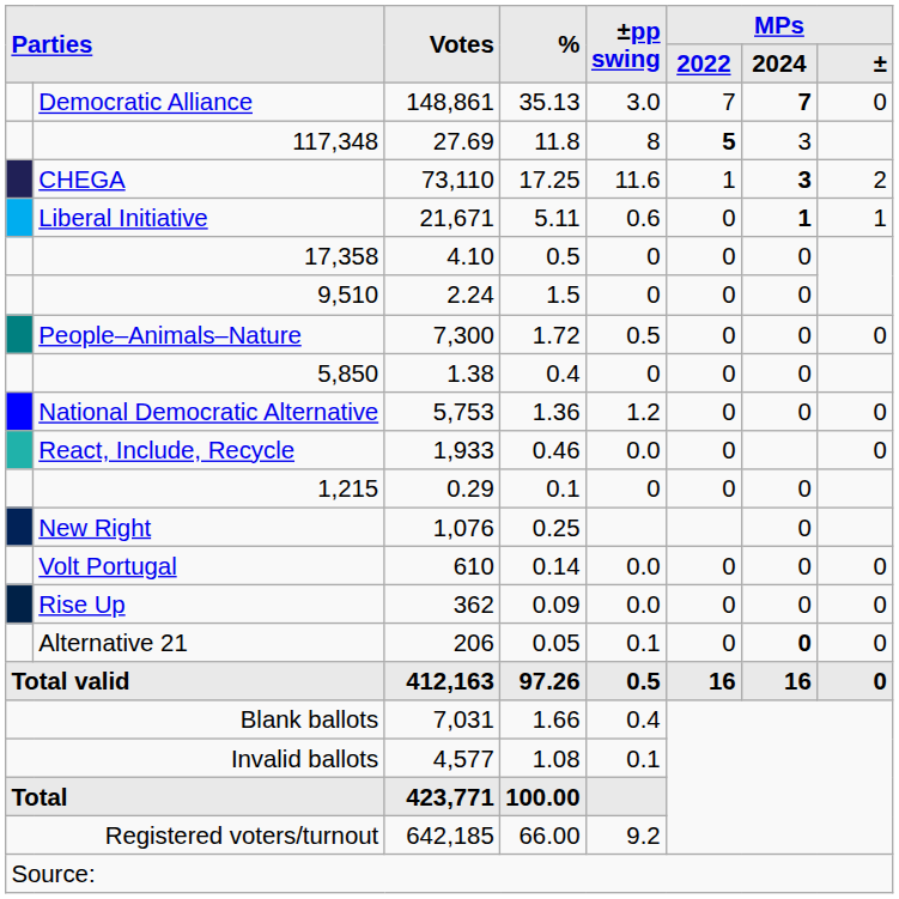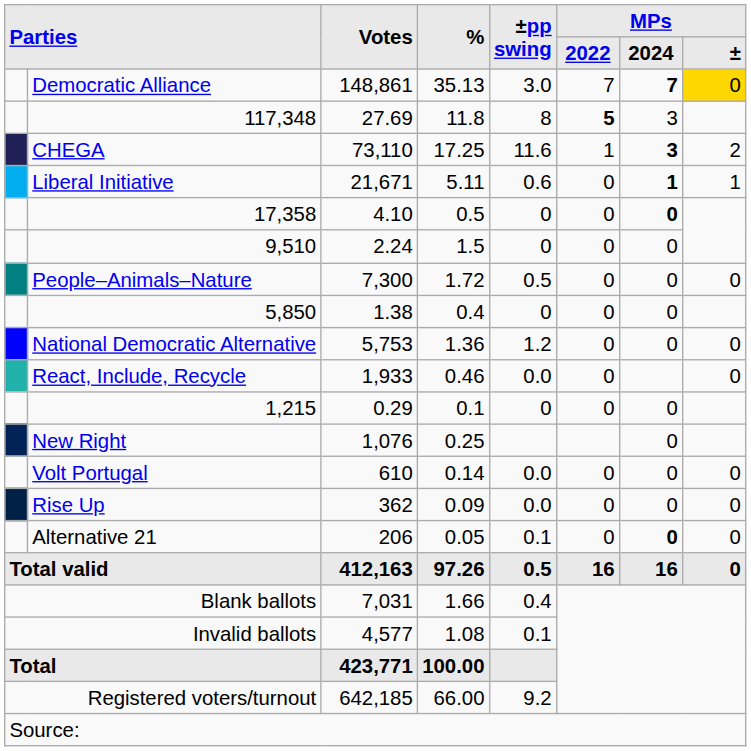 <table class="wikitable" style="text-align:right; font-size:95%;">
 <tr>
 <th rowspan="2" colspan="2" style="background:#e9e9e9; text-align:left;" alignleft><a href='#'>Parties</a></th>
 <th rowspan="2" style="background:#e9e9e9; text-align:right;">Votes</th>
 <th rowspan="2" style="background:#e9e9e9; text-align:right;">%</th>
 <th rowspan="2" style="background:#e9e9e9; text-align:right;">±<a href='#'>pp</a> <a href='#'>swing</a></th>
 <th colspan="3" style="background:#e9e9e9; text-align:center;"><a href='#'>MPs</a></th>
 </tr>
 <tr style="background-color:#E9E9E9">
 <th style="background-color:#E9E9E9;text-align:center;"><a href='#'>2022</a></th>
 <th style="background-color:#E9E9E9;text-align:center;">2024</th>
 <th style="background:#e9e9e9; text-align:right;">±</th>
 </tr>
 <tr>
 <td style="width: 10px"></td>
 <td align="left"><a href='#'>Democratic Alliance</a> </td>
 <td>148,861</td>
 <td>35.13</td>
 <td>3.0</td>
 <td>7</td>
 <td><strong>7</strong></td>
-<td>0</td>
+<td style="background: gold;">0</td>
 </tr>
 <tr>
 <td></td>
 <td>117,348</td>
 <td>27.69</td>
 <td>11.8</td>
 <td>8</td>
 <td><strong>5</strong></td>
 <td>3</td>
 </tr>
 <tr>
 <td style="width: 10px" bgcolor="#202056" align="center"></td>
 <td align="left"><a href='#'>CHEGA</a></td>
 <td>73,110</td>
 <td>17.25</td>
 <td>11.6</td>
 <td>1</td>
 <td><strong>3</strong></td>
 <td>2</td>
 </tr>
 <tr>
 <td style="width: 10px" bgcolor="#00ADEF" align="center"></td>
 <td align="left"><a href='#'>Liberal Initiative</a></td>
 <td>21,671</td>
 <td>5.11</td>
 <td>0.6</td>
 <td>0</td>
 <td><strong>1</strong></td>
 <td>1</td>
 </tr>
 <tr>
 <td></td>
 <td>17,358</td>
 <td>4.10</td>
 <td>0.5</td>
 <td>0</td>
 <td>0</td>
-<td>0</td>
+<td><strong>0</strong></td>
 </tr>
 <tr>
 <td></td>
 <td>9,510</td>
 <td>2.24</td>
 <td>1.5</td>
 <td>0</td>
 <td>0</td>
 <td>0</td>
 </tr>
 <tr>
 <td style="width: 10px" bgcolor="teal" align="center"></td>
 <td align="left"><a href='#'>People–Animals–Nature</a></td>
 <td>7,300</td>
 <td>1.72</td>
 <td>0.5</td>
 <td>0</td>
 <td>0</td>
 <td>0</td>
 </tr>
 <tr>
 <td></td>
 <td>5,850</td>
 <td>1.38</td>
 <td>0.4</td>
 <td>0</td>
 <td>0</td>
 <td>0</td>
 </tr>
 <tr>
 <td style="width: 10px" bgcolor="blue" align="center"></td>
 <td align="left"><a href='#'>National Democratic Alternative</a></td>
 <td>5,753</td>
 <td>1.36</td>
 <td>1.2</td>
 <td>0</td>
 <td>0</td>
 <td>0</td>
 </tr>
 <tr>
 <td style="width: 10px" bgcolor="LightSeaGreen" align="center"></td>
 <td align="left"><a href='#'>React, Include, Recycle</a></td>
 <td>1,933</td>
 <td>0.46</td>
 <td>0.0</td>
 <td>0</td>
 <td></td>
 <td>0</td>
 </tr>
 <tr>
 <td></td>
 <td>1,215</td>
 <td>0.29</td>
 <td>0.1</td>
 <td>0</td>
 <td>0</td>
 <td>0</td>
 </tr>
 <tr>
 <td style="width: 10px" bgcolor="#012257" align="center"></td>
 <td align="left"><a href='#'>New Right</a></td>
 <td>1,076</td>
 <td>0.25</td>
 <td></td>
 <td></td>
 <td>0</td>
 <td></td>
 </tr>
 <tr>
 <td style="width: 10px"></td>
 <td align="left"><a href='#'>Volt Portugal</a></td>
 <td>610</td>
 <td>0.14</td>
 <td>0.0</td>
 <td>0</td>
 <td>0</td>
 <td>0</td>
 </tr>
 <tr>
 <td style="width: 10px" bgcolor="#002147" align="center"></td>
 <td align="left"><a href='#'>Rise Up</a></td>
 <td>362</td>
 <td>0.09</td>
 <td>0.0</td>
 <td>0</td>
 <td>0</td>
 <td>0</td>
 </tr>
 <tr>
 <td style="width: 10px"></td>
 <td align="left">Alternative 21 </td>
 <td>206</td>
 <td>0.05</td>
 <td>0.1</td>
 <td>0</td>
 <td><strong>0</strong></td>
 <td>0</td>
 </tr>
 <tr>
 <td colspan=2 align=left style="background-color:#E9E9E9"><strong>Total valid</strong></td>
 <td width="65" align="right" style="background-color:#E9E9E9"><strong>412,163</strong></td>
 <td width="40" align="right" style="background-color:#E9E9E9"><strong>97.26</strong></td>
 <td width="40" align="right" style="background-color:#E9E9E9"><strong>0.5</strong></td>
 <td width="40" align="right" style="background-color:#E9E9E9"><strong>16</strong></td>
 <td width="40" align="right" style="background-color:#E9E9E9"><strong>16</strong></td>
 <td width="40" align="right" style="background-color:#E9E9E9"><strong>0</strong></td>
 </tr>
 <tr>
 <td colspan=2>Blank ballots</td>
 <td>7,031</td>
 <td>1.66</td>
 <td>0.4</td>
 <td colspan="3" rowspan="4"></td>
 </tr>
 <tr>
 <td colspan=2>Invalid ballots</td>
 <td>4,577</td>
 <td>1.08</td>
 <td>0.1</td>
 </tr>
 <tr>
 <td colspan=2 align=left style="background-color:#E9E9E9"><strong>Total</strong></td>
 <td width="50" align="right" style="background-color:#E9E9E9"><strong>423,771</strong></td>
 <td width="40" align="right" style="background-color:#E9E9E9"><strong>100.00</strong></td>
 <td width="40" align="right" style="background-color:#E9E9E9"></td>
 </tr>
 <tr>
 <td colspan=2>Registered voters/turnout</td>
 <td>642,185</td>
 <td>66.00</td>
 <td>9.2</td>
 </tr>
 <tr>
 <td colspan=8 align=left>Source: </td>
 </tr>
 </table>
